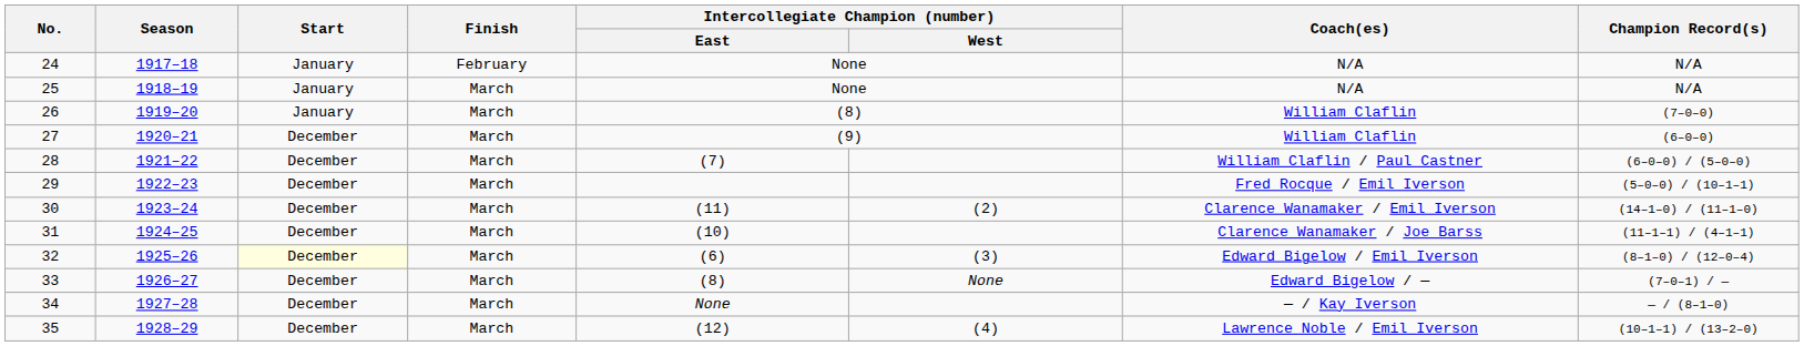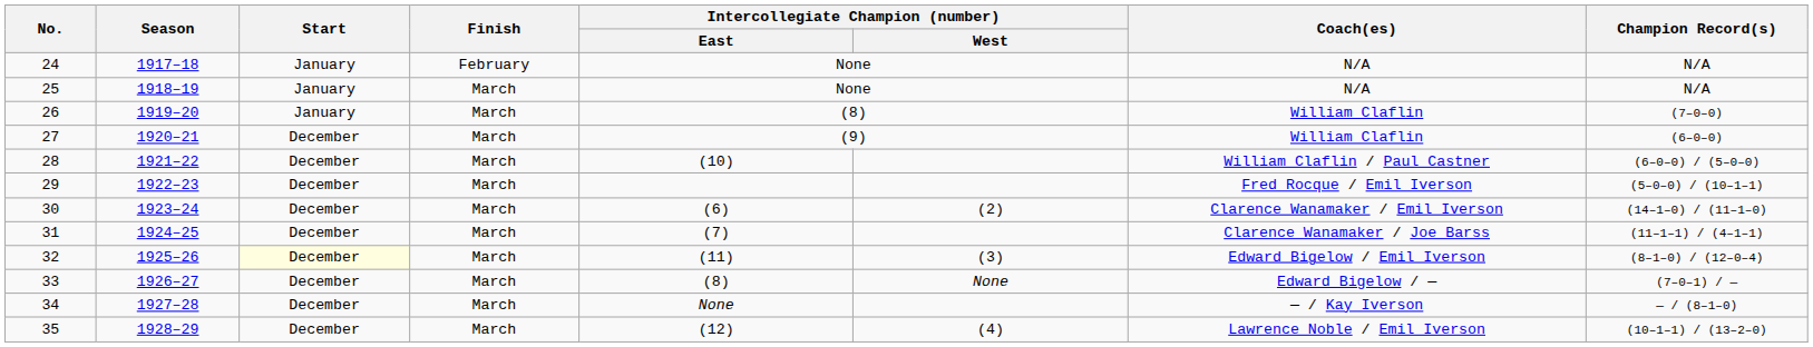 <table class="wikitable" width="80%">
 <tr>
 <th style="width:3em" rowspan=2>No.</th>
 <th style="width:5em" rowspan=2>Season</th>
 <th style="width:6em" rowspan=2>Start</th>
 <th style="width:6em" rowspan=2>Finish</th>
 <th style="width:20em" colspan=2>Intercollegiate Champion (number)</th>
 <th style="width:17em" rowspan=2>Coach(es)</th>
 <th style="width:8em" rowspan=2>Champion Record(s)</th>
 </tr>
 <tr style="text-align:center;">
 <th style="width:10em">East</th>
 <th style="width:10em">West</th>
 </tr>
 <tr style="text-align:center;">
 <td>24</td>
 <td><a href='#'>1917–18</a></td>
 <td>January</td>
 <td>February</td>
 <td colspan=2>None</td>
 <td>N/A</td>
 <td>N/A</td>
 </tr>
 <tr style="text-align:center;">
 <td>25</td>
 <td><a href='#'>1918–19</a></td>
 <td>January</td>
 <td>March</td>
 <td colspan=2>None</td>
 <td>N/A</td>
 <td>N/A</td>
 </tr>
 <tr style="text-align:center;">
 <td>26</td>
 <td><a href='#'>1919–20</a></td>
 <td>January</td>
 <td>March</td>
 <td colspan=2><strong><a href='#'></a></strong> (8)</td>
 <td><a href='#'>William Claflin</a></td>
 <td><small>(7–0–0)</small></td>
 </tr>
 <tr style="text-align:center;">
 <td>27</td>
 <td><a href='#'>1920–21</a></td>
 <td>December</td>
 <td>March</td>
 <td colspan=2><strong><a href='#'></a></strong> (9)</td>
 <td><a href='#'>William Claflin</a></td>
 <td><small>(6–0–0)</small></td>
 </tr>
 <tr style="text-align:center;">
 <td>28</td>
 <td><a href='#'>1921–22</a></td>
 <td>December</td>
 <td>March</td>
-<td><strong><a href='#'></a></strong> (7)</td>
+<td><strong><a href='#'></a></strong> (10)</td>
 <td><strong><a href='#'></a></strong></td>
 <td><a href='#'>William Claflin</a> / <a href='#'>Paul Castner</a></td>
 <td><small>(6–0–0) / (5–0–0)</small></td>
 </tr>
 <tr style="text-align:center;">
 <td>29</td>
 <td><a href='#'>1922–23</a></td>
 <td>December</td>
 <td>March</td>
 <td><strong><a href='#'></a></strong></td>
 <td><strong><a href='#'></a></strong></td>
 <td><a href='#'>Fred Rocque</a> / <a href='#'>Emil Iverson</a></td>
 <td><small> (5–0–0) / (10–1–1)</small></td>
 </tr>
 <tr style="text-align:center;">
 <td>30</td>
 <td><a href='#'>1923–24</a></td>
 <td>December</td>
 <td>March</td>
-<td><strong><a href='#'></a></strong> (11)</td>
+<td><strong><a href='#'></a></strong> (6)</td>
 <td><strong><a href='#'></a></strong> (2)</td>
 <td><a href='#'>Clarence Wanamaker</a> / <a href='#'>Emil Iverson</a></td>
 <td><small>(14–1–0) / (11–1–0)</small></td>
 </tr>
 <tr style="text-align:center;">
 <td>31</td>
 <td><a href='#'>1924–25</a></td>
 <td>December</td>
 <td>March</td>
-<td><strong><a href='#'></a></strong> (10)</td>
+<td><strong><a href='#'></a></strong> (7)</td>
 <td><strong><a href='#'></a></strong></td>
 <td><a href='#'>Clarence Wanamaker</a> / <a href='#'>Joe Barss</a></td>
 <td><small>(11–1–1) / (4–1–1)</small></td>
 </tr>
 <tr style="text-align:center;">
 <td>32</td>
 <td><a href='#'>1925–26</a></td>
 <td style="background: lightyellow;">December</td>
 <td>March</td>
-<td><strong><a href='#'></a></strong> (6)</td>
+<td><strong><a href='#'></a></strong> (11)</td>
 <td><strong><a href='#'></a></strong> (3)</td>
 <td><a href='#'>Edward Bigelow</a> / <a href='#'>Emil Iverson</a></td>
 <td><small>(8–1–0) / (12–0–4)</small></td>
 </tr>
 <tr style="text-align:center;">
 <td>33</td>
 <td><a href='#'>1926–27</a></td>
 <td>December</td>
 <td>March</td>
 <td><strong><a href='#'></a></strong> (8)</td>
 <td><em>None</em></td>
 <td><a href='#'>Edward Bigelow</a> / —</td>
 <td><small>(7–0–1) / —</small></td>
 </tr>
 <tr style="text-align:center;">
 <td>34</td>
 <td><a href='#'>1927–28</a></td>
 <td>December</td>
 <td>March</td>
 <td><em>None</em></td>
 <td><strong><a href='#'></a></strong></td>
 <td>— / <a href='#'>Kay Iverson</a></td>
 <td><small>— / (8–1–0)</small></td>
 </tr>
 <tr style="text-align:center;">
 <td>35</td>
 <td><a href='#'>1928–29</a></td>
 <td>December</td>
 <td>March</td>
 <td><strong><a href='#'></a></strong> (12)</td>
 <td><strong><a href='#'></a></strong> (4)</td>
 <td><a href='#'>Lawrence Noble</a> / <a href='#'>Emil Iverson</a></td>
 <td><small>(10–1–1) / (13–2–0)</small></td>
 </tr>
 </table>
